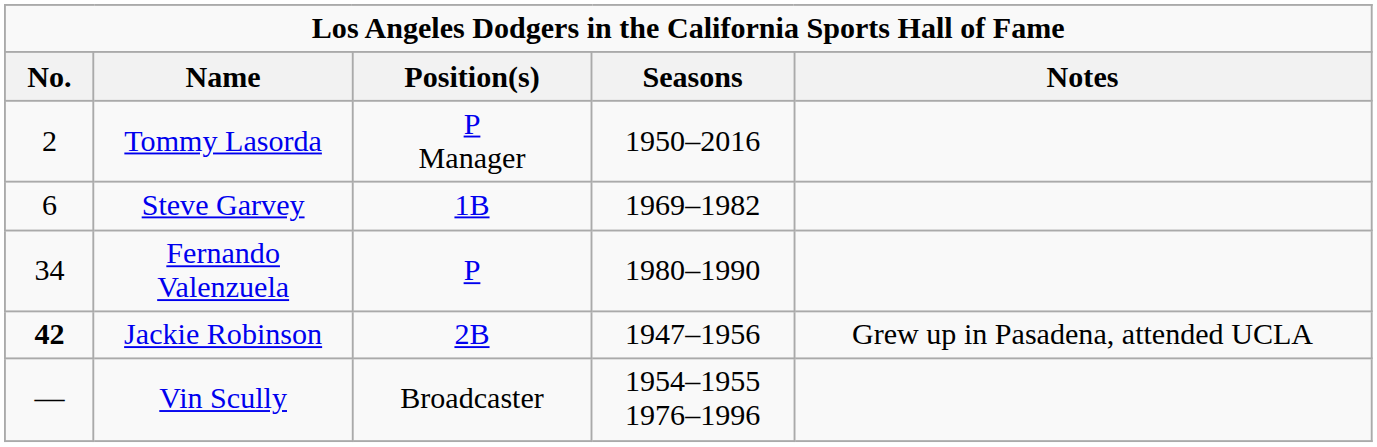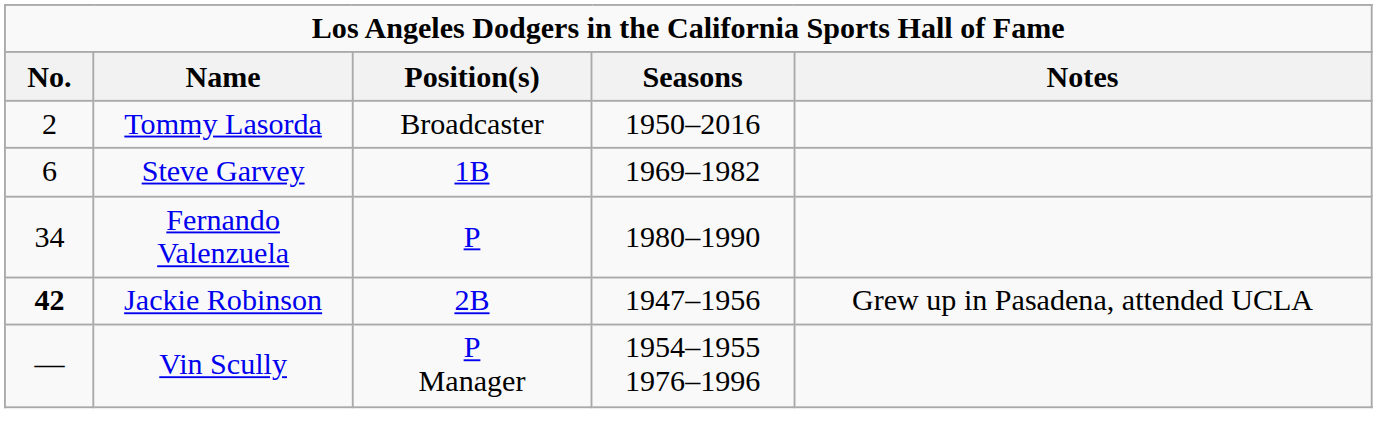 <table class="wikitable" style="text-align:center">
 <tr>
 <td colspan="5"><strong>Los Angeles Dodgers in the California Sports Hall of Fame</strong></td>
 </tr>
 <tr>
 <th style="width:40px; ">No.</th>
 <th style="width:130px; ">Name</th>
 <th style="width:120px; ">Position(s)</th>
 <th style="width:100px; ">Seasons</th>
 <th style="width:300px; ">Notes</th>
 </tr>
 <tr>
 <td>2</td>
 <td><a href='#'>Tommy Lasorda</a></td>
-<td><a href='#'>P</a><br>Manager</td>
+<td>Broadcaster</td>
 <td>1950–2016</td>
 <td></td>
 </tr>
 <tr>
 <td>6</td>
 <td><a href='#'>Steve Garvey</a></td>
 <td><a href='#'>1B</a></td>
 <td>1969–1982</td>
 <td></td>
 </tr>
 <tr>
 <td>34</td>
 <td><a href='#'>Fernando Valenzuela</a></td>
 <td><a href='#'>P</a></td>
 <td>1980–1990</td>
 <td></td>
 </tr>
 <tr>
 <td><strong>42</strong></td>
 <td><a href='#'>Jackie Robinson</a></td>
 <td><a href='#'>2B</a></td>
 <td>1947–1956</td>
 <td>Grew up in Pasadena, attended UCLA</td>
 </tr>
 <tr>
 <td>—</td>
 <td><a href='#'>Vin Scully</a></td>
-<td>Broadcaster</td>
+<td><a href='#'>P</a><br>Manager</td>
 <td>1954–1955<br>1976–1996</td>
 <td></td>
 </tr>
 </table>
